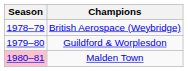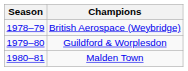 <table class="wikitable" style="text-align: center">
 <tr>
 <th>Season</th>
 <th>Champions</th>
 </tr>
 <tr>
 <td><a href='#'>1978–79</a></td>
 <td><a href='#'>British Aerospace (Weybridge)</a></td>
 </tr>
 <tr>
 <td><a href='#'>1979–80</a></td>
 <td><a href='#'>Guildford & Worplesdon</a></td>
 </tr>
 <tr>
-<td style="background: pink;"><a href='#'>1980–81</a></td>
+<td><a href='#'>1980–81</a></td>
 <td><a href='#'>Malden Town</a></td>
 </tr>
 </table>
